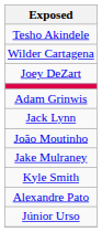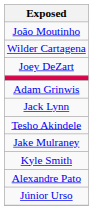 <table class="wikitable" style="text-align:center">
 <tr>
 <th>Exposed</th>
 </tr>
 <tr>
-<td><a href='#'>Tesho Akindele</a></td>
+<td><a href='#'>João Moutinho</a></td>
 </tr>
 <tr>
 <td><a href='#'>Wilder Cartagena</a></td>
 </tr>
 <tr>
 <td><a href='#'>Joey DeZart</a></td>
 </tr>
 <tr>
 <td style="background: #DD004A"></td>
 </tr>
 <tr>
 <td><a href='#'>Adam Grinwis</a></td>
 </tr>
 <tr>
 <td><a href='#'>Jack Lynn</a></td>
 </tr>
 <tr>
-<td><a href='#'>João Moutinho</a></td>
+<td><a href='#'>Tesho Akindele</a></td>
 </tr>
 <tr>
 <td><a href='#'>Jake Mulraney</a></td>
 </tr>
 <tr>
 <td><a href='#'>Kyle Smith</a></td>
 </tr>
 <tr>
 <td><a href='#'>Alexandre Pato</a></td>
 </tr>
 <tr>
 <td><a href='#'>Júnior Urso</a></td>
 </tr>
 <tr>
 </tr>
 </table>
